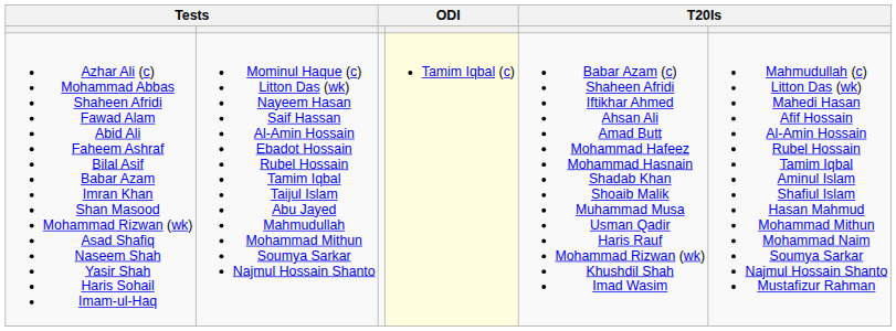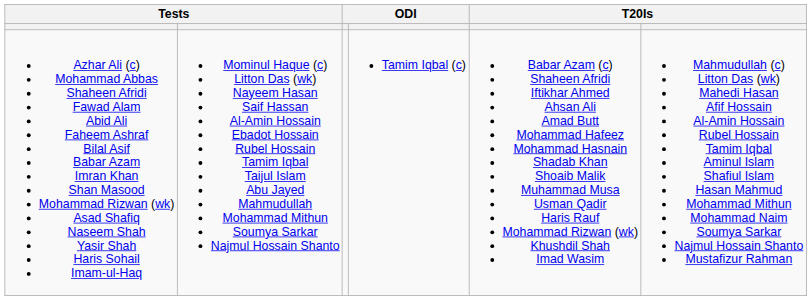 <table class="wikitable" style="text-align:center; margin:auto">
 <tr>
 <th colspan=2>Tests</th>
 <th colspan=2>ODI</th>
 <th colspan=2>T20Is</th>
 </tr>
 <tr>
 <th></th>
 <th></th>
 <th></th>
 <th></th>
 <th></th>
 <th></th>
 </tr>
 <tr style="vertical-align:top">
 <td><br><ul><li><a href='#'>Azhar Ali</a> (<a href='#'>c</a>)</li><li><a href='#'>Mohammad Abbas</a></li><li><a href='#'>Shaheen Afridi</a></li><li><a href='#'>Fawad Alam</a></li><li><a href='#'>Abid Ali</a></li><li><a href='#'>Faheem Ashraf</a></li><li><a href='#'>Bilal Asif</a></li><li><a href='#'>Babar Azam</a></li><li><a href='#'>Imran Khan</a></li><li><a href='#'>Shan Masood</a></li><li><a href='#'>Mohammad Rizwan</a> (<a href='#'>wk</a>)</li><li><a href='#'>Asad Shafiq</a></li><li><a href='#'>Naseem Shah</a></li><li><a href='#'>Yasir Shah</a></li><li><a href='#'>Haris Sohail</a></li><li><a href='#'>Imam-ul-Haq</a></li></ul></td>
 <td><br><ul><li><a href='#'>Mominul Haque</a> (<a href='#'>c</a>)</li><li><a href='#'>Litton Das</a> (<a href='#'>wk</a>)</li><li><a href='#'>Nayeem Hasan</a></li><li><a href='#'>Saif Hassan</a></li><li><a href='#'>Al-Amin Hossain</a></li><li><a href='#'>Ebadot Hossain</a></li><li><a href='#'>Rubel Hossain</a></li><li><a href='#'>Tamim Iqbal</a></li><li><a href='#'>Taijul Islam</a></li><li><a href='#'>Abu Jayed</a></li><li><a href='#'>Mahmudullah</a></li><li><a href='#'>Mohammad Mithun</a></li><li><a href='#'>Soumya Sarkar</a></li><li><a href='#'>Najmul Hossain Shanto</a></li></ul></td>
 <td></td>
-<td style="background: lightyellow;"><br><ul><li><a href='#'>Tamim Iqbal</a> (<a href='#'>c</a>)</li></ul></td>
+<td><br><ul><li><a href='#'>Tamim Iqbal</a> (<a href='#'>c</a>)</li></ul></td>
 <td><br><ul><li><a href='#'>Babar Azam</a> (<a href='#'>c</a>)</li><li><a href='#'>Shaheen Afridi</a></li><li><a href='#'>Iftikhar Ahmed</a></li><li><a href='#'>Ahsan Ali</a></li><li><a href='#'>Amad Butt</a></li><li><a href='#'>Mohammad Hafeez</a></li><li><a href='#'>Mohammad Hasnain</a></li><li><a href='#'>Shadab Khan</a></li><li><a href='#'>Shoaib Malik</a></li><li><a href='#'>Muhammad Musa</a></li><li><a href='#'>Usman Qadir</a></li><li><a href='#'>Haris Rauf</a></li><li><a href='#'>Mohammad Rizwan</a> (<a href='#'>wk</a>)</li><li><a href='#'>Khushdil Shah</a></li><li><a href='#'>Imad Wasim</a></li></ul></td>
 <td><br><ul><li><a href='#'>Mahmudullah</a> (<a href='#'>c</a>)</li><li><a href='#'>Litton Das</a> (<a href='#'>wk</a>)</li><li><a href='#'>Mahedi Hasan</a></li><li><a href='#'>Afif Hossain</a></li><li><a href='#'>Al-Amin Hossain</a></li><li><a href='#'>Rubel Hossain</a></li><li><a href='#'>Tamim Iqbal</a></li><li><a href='#'>Aminul Islam</a></li><li><a href='#'>Shafiul Islam</a></li><li><a href='#'>Hasan Mahmud</a></li><li><a href='#'>Mohammad Mithun</a></li><li><a href='#'>Mohammad Naim</a></li><li><a href='#'>Soumya Sarkar</a></li><li><a href='#'>Najmul Hossain Shanto</a></li><li><a href='#'>Mustafizur Rahman</a></li></ul></td>
 </tr>
 </table>
